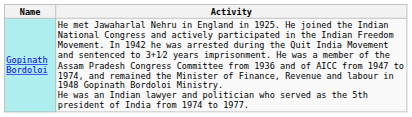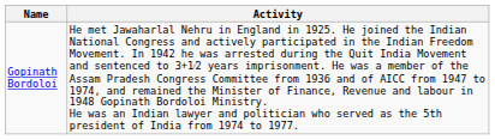 <table class="wikitable">
 <tr>
 <th>Name</th>
 <th>Activity</th>
 </tr>
 <tr>
-<td style="background: paleturquoise;"><a href='#'>Gopinath Bordoloi</a></td>
+<td><a href='#'>Gopinath Bordoloi</a></td>
 <td>He met Jawaharlal Nehru in England in 1925. He joined the Indian National Congress and actively participated in the Indian Freedom Movement. In 1942 he was arrested during the Quit India Movement and sentenced to 3+1⁄2 years imprisonment. He was a member of the Assam Pradesh Congress Committee from 1936 and of AICC from 1947 to 1974, and remained the Minister of Finance, Revenue and labour in 1948 Gopinath Bordoloi Ministry.<br>He was an Indian lawyer and politician who served as the 5th president of India from 1974 to 1977.</td>
 </tr>
 </table>
